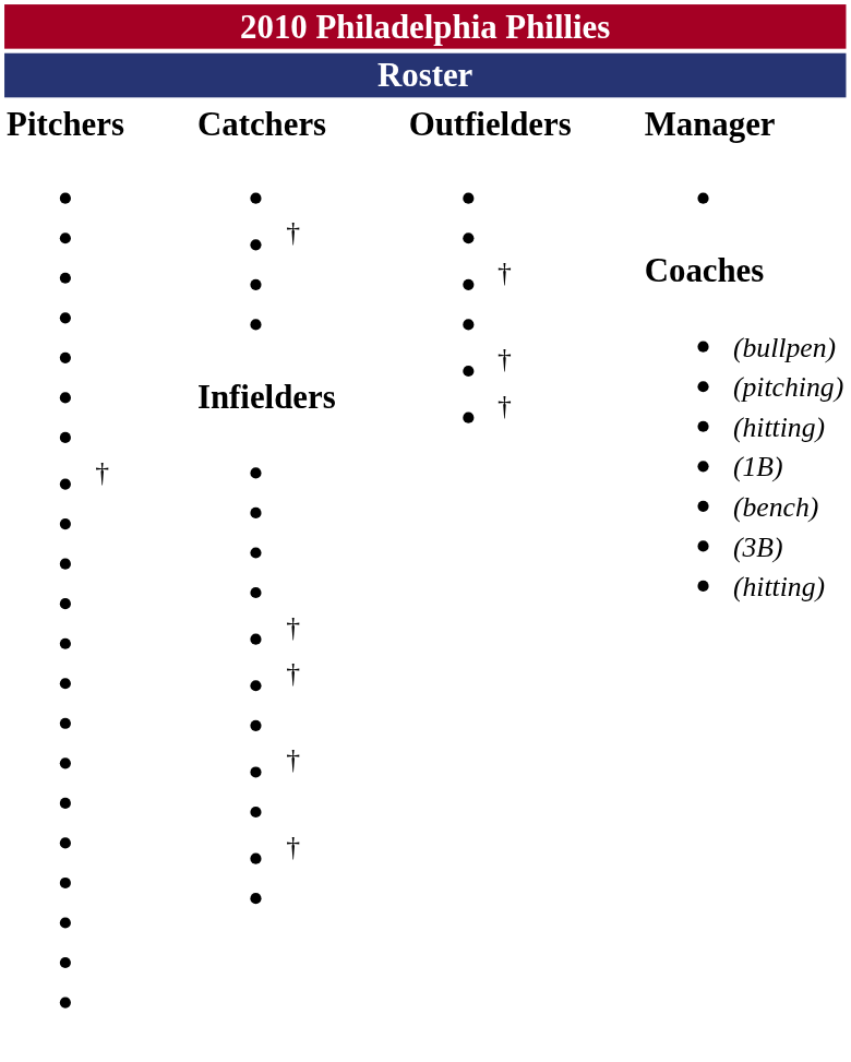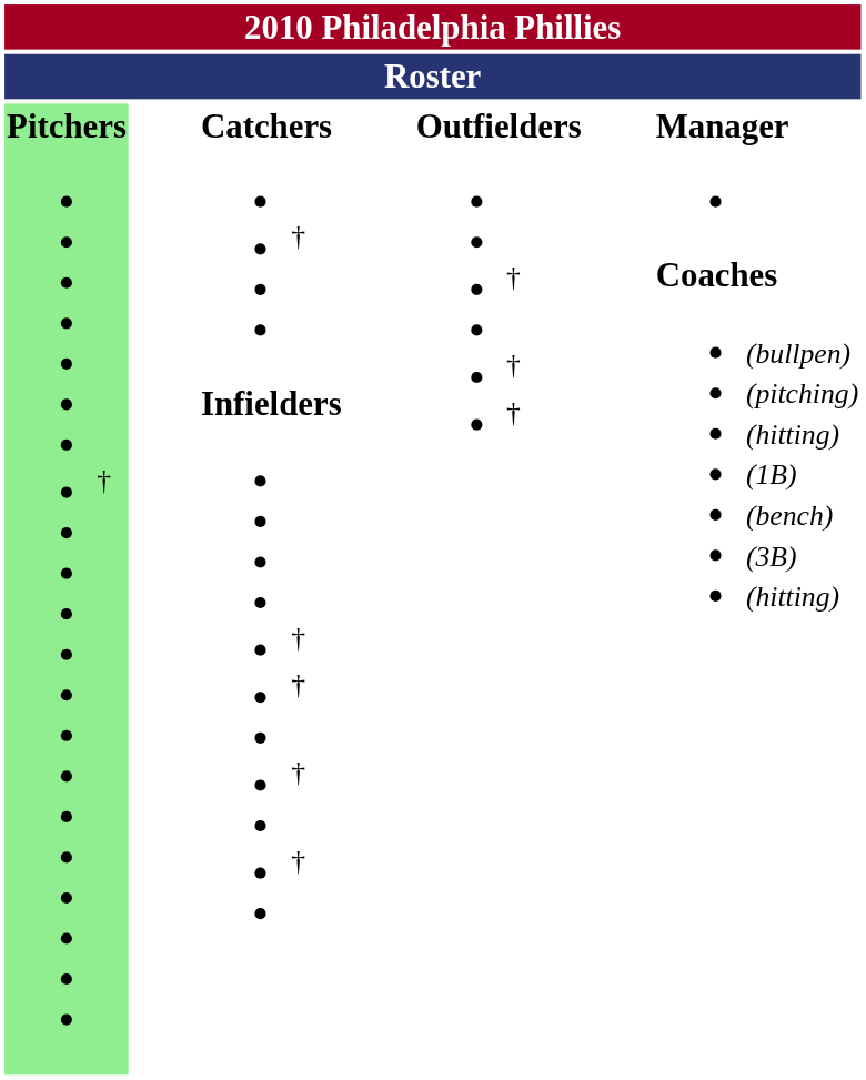 <table class="toccolours" style="font-size: 95%;">
 <tr>
 <th colspan="10" style="background-color: #A50024; color: #FFFFFF; text-align: center;">2010 Philadelphia Phillies</th>
 </tr>
 <tr>
 <td colspan="7" style="background-color: #263473; color: white; text-align: center;"><strong>Roster</strong></td>
 </tr>
 <tr>
-<td valign="top"><strong>Pitchers</strong><br><ul><li></li><li></li><li></li><li></li><li></li><li></li><li></li><li><sup>†</sup></li><li></li><li></li><li></li><li></li><li></li><li></li><li></li><li></li><li></li><li></li><li></li><li></li><li></li></ul></td>
+<td valign="top" style="background: lightgreen;"><strong>Pitchers</strong><br><ul><li></li><li></li><li></li><li></li><li></li><li></li><li></li><li><sup>†</sup></li><li></li><li></li><li></li><li></li><li></li><li></li><li></li><li></li><li></li><li></li><li></li><li></li><li></li></ul></td>
 <td width="25px"></td>
 <td valign="top"><strong>Catchers</strong><br><ul><li></li><li><sup>†</sup></li><li></li><li></li></ul><strong>Infielders</strong><ul><li></li><li></li><li></li><li></li><li><sup>†</sup></li><li><sup>†</sup></li><li></li><li><sup>†</sup></li><li></li><li><sup>†</sup></li><li></li></ul></td>
 <td width="25px"></td>
 <td valign="top"><strong>Outfielders</strong><br><ul><li></li><li></li><li><sup>†</sup></li><li></li><li><sup>†</sup></li><li><sup>†</sup></li></ul></td>
 <td width="25px"></td>
 <td valign="top"><strong>Manager</strong><br><ul><li></li></ul><strong>Coaches</strong><ul><li> <small><em>(bullpen)</em></small></li><li> <small><em>(pitching)</em></small></li><li> <small><em>(hitting)</em></small></li><li> <small><em>(1B)</em></small></li><li> <small><em>(bench)</em></small></li><li>  <small><em>(3B)</em></small></li><li> <small><em>(hitting)</em></small></li></ul></td>
 </tr>
 <tr>
 </tr>
 </table>
